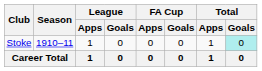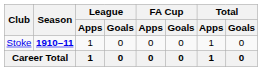 <table class="wikitable" style="text-align: center;">
 <tr>
 <th rowspan="2">Club</th>
 <th rowspan="2">Season</th>
 <th colspan="2">League</th>
 <th colspan="2">FA Cup</th>
 <th colspan="2">Total</th>
 </tr>
 <tr>
 <th>Apps</th>
 <th>Goals</th>
 <th>Apps</th>
 <th>Goals</th>
 <th>Apps</th>
 <th>Goals</th>
 </tr>
 <tr>
 <td><a href='#'>Stoke</a></td>
-<td><a href='#'>1910–11</a></td>
+<td><strong><a href='#'>1910–11</a></strong></td>
 <td>1</td>
 <td>0</td>
 <td>0</td>
 <td>0</td>
 <td>1</td>
-<td style="background: paleturquoise;">0</td>
+<td>0</td>
 </tr>
 <tr>
 <th colspan="2">Career Total</th>
 <th>1</th>
 <th>0</th>
 <th>0</th>
 <th>0</th>
 <th>1</th>
 <th>0</th>
 </tr>
 </table>
